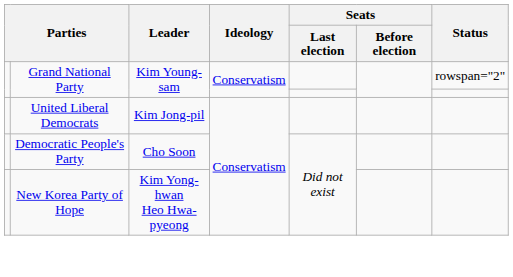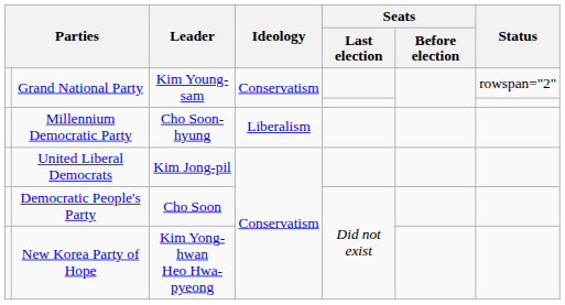 <table class="wikitable" style="text-align:center">
 <tr>
 <th colspan="2" rowspan="2">Parties</th>
 <th rowspan="2">Leader</th>
 <th rowspan="2">Ideology</th>
 <th colspan="2">Seats</th>
 <th rowspan="2">Status</th>
 </tr>
 <tr>
 <th>Last election</th>
 <th>Before election</th>
 </tr>
 <tr>
 <td rowspan="2" style="background:"></td>
 <td rowspan="2"><a href='#'>Grand National Party</a></td>
 <td rowspan="2"><a href='#'>Kim Young-sam</a></td>
 <td rowspan="2"><a href='#'>Conservatism</a></td>
 <td></td>
 <td rowspan="2"></td>
 <td>rowspan="2" </td>
 </tr>
 <tr>
+<td></td>
+</tr>
+<tr>
+<td style="background:"></td>
+<td><a href='#'>Millennium Democratic Party</a></td>
+<td><a href='#'>Cho Soon-hyung</a></td>
+<td><a href='#'>Liberalism</a></td>
+<td></td>
+<td></td>
 <td></td>
 </tr>
 <tr>
 <td style="background:"></td>
 <td><a href='#'>United Liberal Democrats</a></td>
 <td><a href='#'>Kim Jong-pil</a></td>
 <td rowspan="5"><a href='#'>Conservatism</a></td>
 <td></td>
 <td></td>
 <td></td>
 </tr>
 <tr>
 <td style="background:"></td>
 <td><a href='#'>Democratic People's Party</a></td>
 <td><a href='#'>Cho Soon</a></td>
 <td rowspan="2"><em>Did not exist</em></td>
 <td></td>
 <td></td>
 </tr>
 <tr>
 <td style="background:"></td>
 <td><a href='#'>New Korea Party of Hope</a></td>
 <td><a href='#'>Kim Yong-hwan</a><br><a href='#'>Heo Hwa-pyeong</a></td>
 <td></td>
 <td></td>
 </tr>
 </table>
